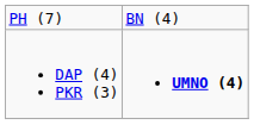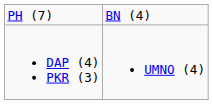 <table class="wikitable">
 <tr>
 <td> <a href='#'>PH</a> (7)</td>
 <td> <a href='#'>BN</a> (4)</td>
 </tr>
 <tr>
 <td><br><ul><li> <a href='#'>DAP</a> (4)</li><li> <a href='#'>PKR</a> (3)</li></ul></td>
-<td><strong><br><ul><li> <a href='#'>UMNO</a> (4)</li></ul></strong></td>
+<td><br><ul><li> <a href='#'>UMNO</a> (4)</li></ul></td>
 </tr>
 <tr>
 </tr>
 </table>
